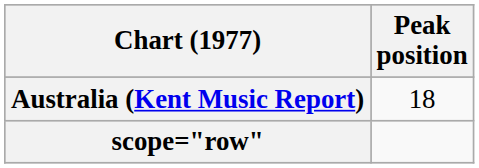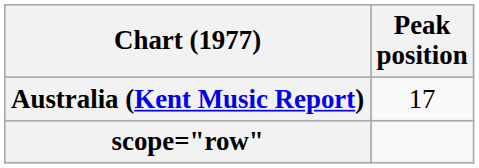 <table class="wikitable sortable plainrowheaders">
 <tr>
 <th scope="col">Chart (1977)</th>
 <th scope="col">Peak<br>position</th>
 </tr>
 <tr>
 <th scope="row">Australia (<a href='#'>Kent Music Report</a>)</th>
-<td style="text-align:center;">18</td>
+<td style="text-align:center;">17</td>
 </tr>
 <tr>
 <th>scope="row"</th>
 </tr>
 </table>
